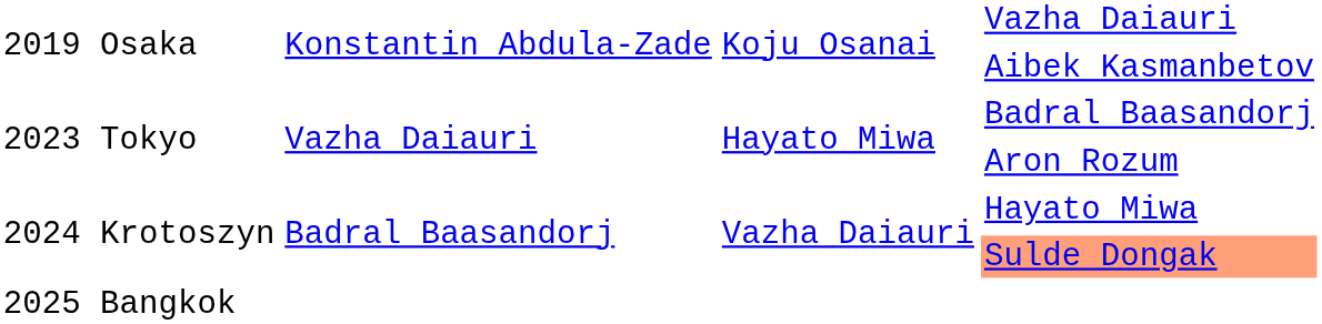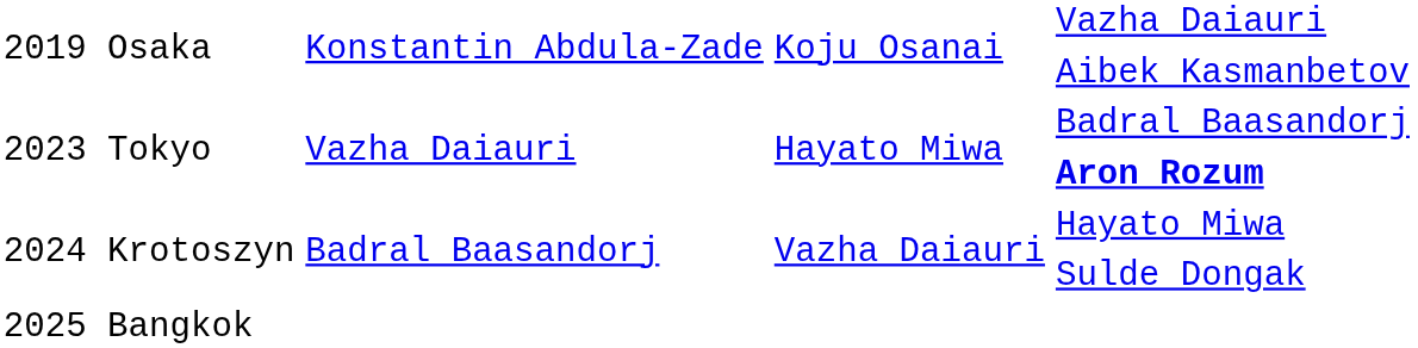 <table>
 <tr>
 <td rowspan=2>2019 Osaka</td>
 <td rowspan=2> <a href='#'>Konstantin Abdula-Zade</a></td>
 <td rowspan=2> <a href='#'>Koju Osanai</a></td>
 <td> <a href='#'>Vazha Daiauri</a></td>
 </tr>
 <tr>
 <td> <a href='#'>Aibek Kasmanbetov</a></td>
 </tr>
 <tr>
 <td rowspan=2>2023 Tokyo</td>
 <td rowspan=2> <a href='#'>Vazha Daiauri</a></td>
 <td rowspan=2> <a href='#'>Hayato Miwa</a></td>
 <td> <a href='#'>Badral Baasandorj</a></td>
 </tr>
 <tr>
-<td> <a href='#'>Aron Rozum</a></td>
+<td><strong> <a href='#'>Aron Rozum</a></strong></td>
 </tr>
 <tr>
 <td rowspan=2>2024 Krotoszyn</td>
 <td rowspan=2> <a href='#'>Badral Baasandorj</a></td>
 <td rowspan=2> <a href='#'>Vazha Daiauri</a></td>
 <td> <a href='#'>Hayato Miwa</a></td>
 </tr>
 <tr>
-<td style="background: lightsalmon;"> <a href='#'>Sulde Dongak</a></td>
+<td> <a href='#'>Sulde Dongak</a></td>
 </tr>
 <tr>
 <td rowspan=2>2025 Bangkok</td>
 <td rowspan=2></td>
 <td rowspan=2></td>
 <td></td>
 </tr>
 <tr>
 <td></td>
 </tr>
 </table>
